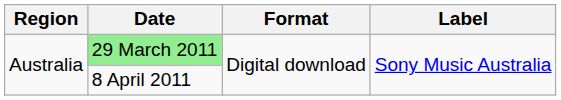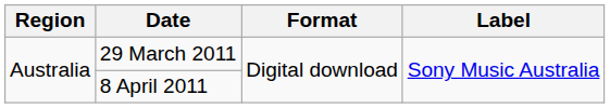 <table class="wikitable">
 <tr>
 <th>Region</th>
 <th>Date</th>
 <th>Format</th>
 <th>Label</th>
 </tr>
 <tr>
 <td rowspan="2">Australia</td>
-<td style="background: lightgreen;">29 March 2011</td>
+<td>29 March 2011</td>
 <td rowspan="2">Digital download</td>
 <td rowspan="2"><a href='#'>Sony Music Australia</a></td>
 </tr>
 <tr>
 <td>8 April 2011</td>
 </tr>
 </table>
